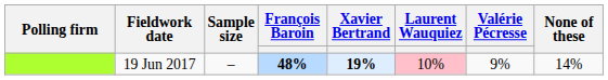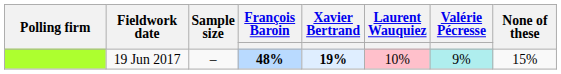 <table class="wikitable sortable" style="text-align:center;font-size:90%;line-height:14px;">
 <tr style="height:40px;">
 <th style="width:100px;" rowspan="2">Polling firm</th>
 <th style="width:80px;" rowspan="2">Fieldwork date</th>
 <th style="width:35px;" rowspan="2">Sample<br>size</th>
 <th class="unsortable" style="width:60px;"><a href='#'>François Baroin</a></th>
 <th class="unsortable" style="width:60px;"><a href='#'>Xavier Bertrand</a></th>
 <th class="unsortable" style="width:60px;"><a href='#'>Laurent Wauquiez</a></th>
 <th class="unsortable" style="width:60px;"><a href='#'>Valérie Pécresse</a></th>
 <th class="unsortable" style="width:60px;" rowspan="2">None of these</th>
 </tr>
 <tr>
 <th style="background:"></th>
 <th style="background:"></th>
 <th style="background:"></th>
 <th style="background:"></th>
 </tr>
 <tr>
 <td style="background:GreenYellow;"></td>
 <td data-sort-value="2017-06-19">19 Jun 2017</td>
 <td>–</td>
 <td style="background:#B9DAFF;"><strong>48%</strong></td>
 <td style="background:#DFEEFF;"><strong>19%</strong></td>
 <td style="background: pink;">10%</td>
-<td>9%</td>
-<td>14%</td>
+<td style="background: paleturquoise;">9%</td>
+<td>15%</td>
 </tr>
 </table>
